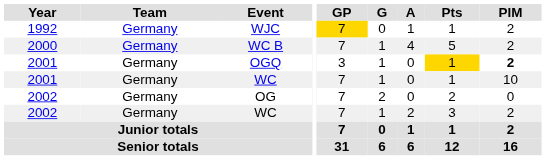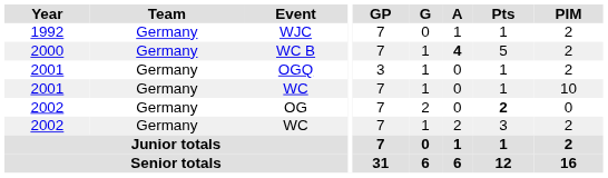 <table border="0" cellpadding="1" cellspacing="0" ID="Table3" style="text-align:center; width:40em">
 <tr ALIGN="center" bgcolor="#e0e0e0">
 <th>Year</th>
 <th>Team</th>
 <th>Event</th>
 <th rowspan="99" bgcolor="#ffffff"></th>
 <th>GP</th>
 <th>G</th>
 <th>A</th>
 <th>Pts</th>
 <th>PIM</th>
 </tr>
 <tr>
 <td><a href='#'>1992</a></td>
 <td><a href='#'>Germany</a></td>
 <td><a href='#'>WJC</a></td>
-<td style="background: gold;">7</td>
+<td>7</td>
 <td>0</td>
 <td>1</td>
 <td>1</td>
 <td>2</td>
 </tr>
 <tr bgcolor="#f0f0f0">
 <td><a href='#'>2000</a></td>
 <td><a href='#'>Germany</a></td>
 <td><a href='#'>WC B</a></td>
 <td>7</td>
 <td>1</td>
-<td>4</td>
+<td><strong>4</strong></td>
 <td>5</td>
 <td>2</td>
 </tr>
 <tr>
 <td><a href='#'>2001</a></td>
 <td>Germany</td>
 <td><a href='#'>OGQ</a></td>
 <td>3</td>
 <td>1</td>
 <td>0</td>
-<td style="background: gold;">1</td>
-<td><strong>2</strong></td>
+<td>1</td>
+<td>2</td>
 </tr>
 <tr bgcolor="#f0f0f0">
 <td><a href='#'>2001</a></td>
 <td>Germany</td>
 <td><a href='#'>WC</a></td>
 <td>7</td>
 <td>1</td>
 <td>0</td>
 <td>1</td>
 <td>10</td>
 </tr>
 <tr>
 <td><a href='#'>2002</a></td>
 <td>Germany</td>
 <td>OG</td>
 <td>7</td>
 <td>2</td>
 <td>0</td>
-<td>2</td>
+<td><strong>2</strong></td>
 <td>0</td>
 </tr>
 <tr bgcolor="#f0f0f0">
 <td><a href='#'>2002</a></td>
 <td>Germany</td>
 <td>WC</td>
 <td>7</td>
 <td>1</td>
 <td>2</td>
 <td>3</td>
 <td>2</td>
 </tr>
 <tr bgcolor="#e0e0e0">
 <th colspan="3">Junior totals</th>
 <th>7</th>
 <th>0</th>
 <th>1</th>
 <th>1</th>
 <th>2</th>
 </tr>
 <tr bgcolor="#e0e0e0">
 <th colspan="3">Senior totals</th>
 <th>31</th>
 <th>6</th>
 <th>6</th>
 <th>12</th>
 <th>16</th>
 </tr>
 </table>
